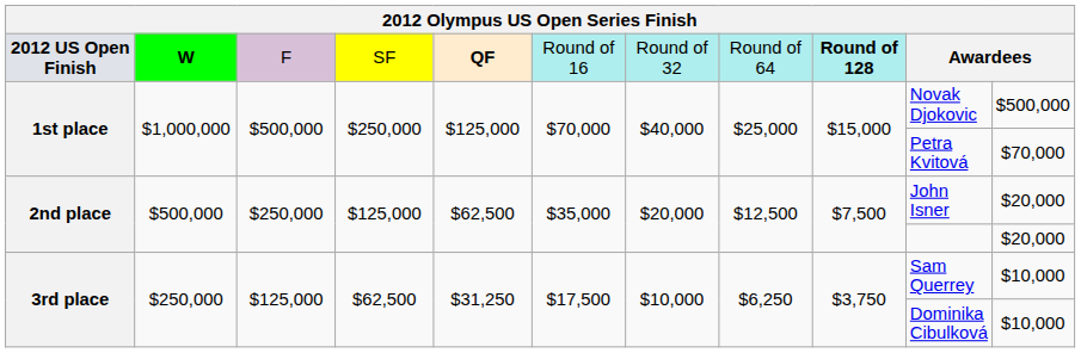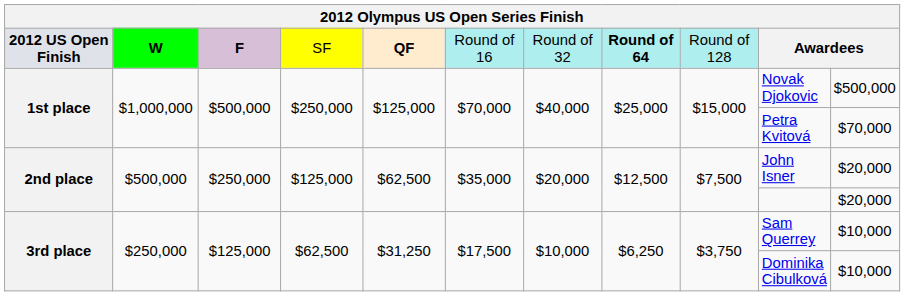 <table class=wikitable style=font-size:90%;text-align:center>
 <tr>
 <th colspan=11>2012 Olympus US Open Series Finish</th>
 </tr>
 <tr>
 <td style="width:130px; background:#dfe2e9;"><strong>2012 US Open Finish</strong></td>
 <td style="width:80px; background:lime;"><strong>W</strong></td>
-<td style="width:85px; background:thistle;">F</td>
+<td style="width:85px; background:thistle;"><strong>F</strong></td>
 <td style="width:85px; background:#ff0;">SF</td>
 <td style="width:85px; background:#ffebcd;"><strong>QF</strong></td>
 <td style="width:85px; background:#afeeee;">Round of 16</td>
 <td style="width:85px; background:#afeeee;">Round of 32</td>
-<td style="width:85px; background:#afeeee;">Round of 64</td>
-<td style="width:85px; background:#afeeee;"><strong>Round of 128</strong></td>
+<td style="width:85px; background:#afeeee;"><strong>Round of 64</strong></td>
+<td style="width:85px; background:#afeeee;">Round of 128</td>
 <th colspan=2>Awardees</th>
 </tr>
 <tr>
 <th width=150 rowspan=2>1st place</th>
 <td rowspan=2>$1,000,000</td>
 <td rowspan=2>$500,000</td>
 <td rowspan=2>$250,000</td>
 <td rowspan=2>$125,000</td>
 <td rowspan=2>$70,000</td>
 <td rowspan=2>$40,000</td>
 <td rowspan=2>$25,000</td>
 <td rowspan=2>$15,000</td>
 <td align=left> <a href='#'>Novak Djokovic</a></td>
 <td>$500,000</td>
 </tr>
 <tr>
 <td align=left> <a href='#'>Petra Kvitová</a></td>
 <td>$70,000</td>
 </tr>
 <tr>
 <th width=150 rowspan=2>2nd place</th>
 <td rowspan=2>$500,000</td>
 <td rowspan=2>$250,000</td>
 <td rowspan=2>$125,000</td>
 <td rowspan=2>$62,500</td>
 <td rowspan=2>$35,000</td>
 <td rowspan=2>$20,000</td>
 <td rowspan=2>$12,500</td>
 <td rowspan=2>$7,500</td>
 <td align=left> <a href='#'>John Isner</a></td>
 <td>$20,000</td>
 </tr>
 <tr>
 <td align=left></td>
 <td>$20,000</td>
 </tr>
 <tr>
 <th width=150 rowspan=2>3rd place</th>
 <td rowspan=2>$250,000</td>
 <td rowspan=2>$125,000</td>
 <td rowspan=2>$62,500</td>
 <td rowspan=2>$31,250</td>
 <td rowspan=2>$17,500</td>
 <td rowspan=2>$10,000</td>
 <td rowspan=2>$6,250</td>
 <td rowspan=2>$3,750</td>
 <td align=left> <a href='#'>Sam Querrey</a></td>
 <td>$10,000</td>
 </tr>
 <tr>
 <td align=left> <a href='#'>Dominika Cibulková</a></td>
 <td>$10,000</td>
 </tr>
 </table>
